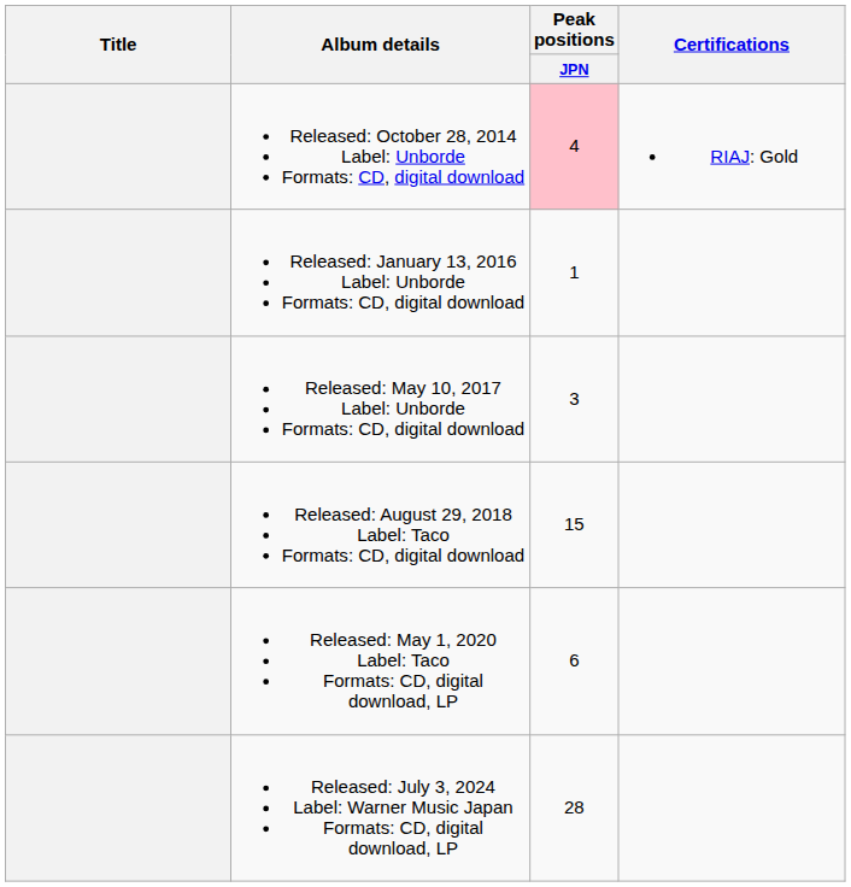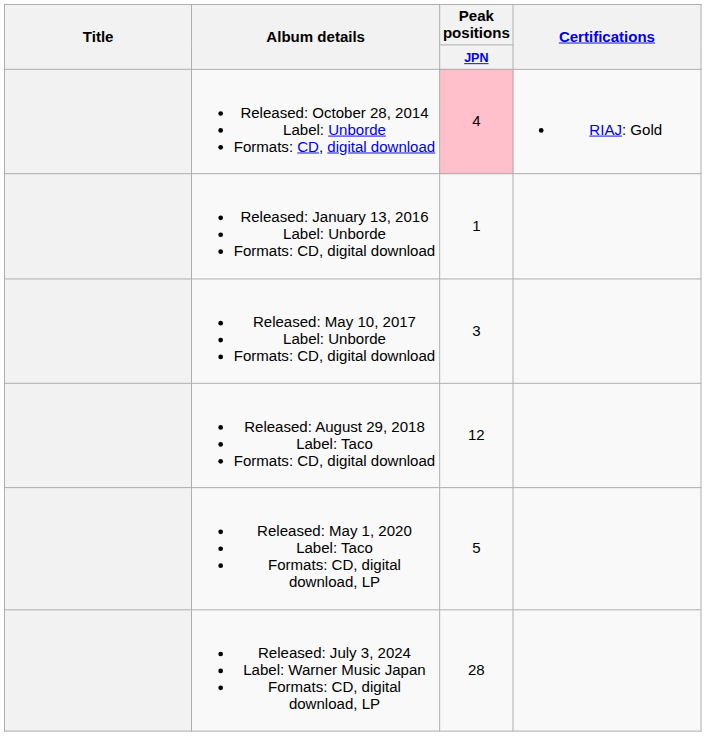 <table class="wikitable plainrowheaders" style="text-align:center;">
 <tr>
 <th style="width:12em;" rowspan="2">Title</th>
 <th style="width:16em;" rowspan="2">Album details</th>
 <th>Peak positions</th>
 <th style="width:12em;" rowspan="2"><a href='#'>Certifications</a></th>
 </tr>
 <tr>
 <th style="width:2.5em;"><small><a href='#'>JPN</a></small><br></th>
 </tr>
 <tr>
 <th scope="row"></th>
 <td><br><ul><li>Released: October 28, 2014 </li><li>Label: <a href='#'>Unborde</a></li><li>Formats: <a href='#'>CD</a>, <a href='#'>digital download</a></li></ul></td>
 <td style="background: pink;">4</td>
 <td><br><ul><li><a href='#'>RIAJ</a>: Gold</li></ul></td>
 </tr>
 <tr>
 <th scope="row"></th>
 <td><br><ul><li>Released: January 13, 2016 </li><li>Label: Unborde</li><li>Formats: CD, digital download</li></ul></td>
 <td>1</td>
 <td></td>
 </tr>
 <tr>
 <th scope="row"></th>
 <td><br><ul><li>Released: May 10, 2017 </li><li>Label: Unborde</li><li>Formats: CD, digital download</li></ul></td>
 <td>3</td>
 <td></td>
 </tr>
 <tr>
 <th scope="row"></th>
 <td><br><ul><li>Released: August 29, 2018 </li><li>Label: Taco</li><li>Formats: CD, digital download</li></ul></td>
-<td>15</td>
+<td>12</td>
 <td></td>
 </tr>
 <tr>
 <th scope="row"></th>
 <td><br><ul><li>Released: May 1, 2020 </li><li>Label: Taco</li><li>Formats: CD, digital download, LP</li></ul></td>
-<td>6</td>
+<td>5</td>
 <td></td>
 </tr>
 <tr>
 <th scope="row"></th>
 <td><br><ul><li>Released: July 3, 2024 </li><li>Label: Warner Music Japan</li><li>Formats: CD, digital download, LP</li></ul></td>
 <td>28</td>
 <td></td>
 </tr>
 </table>
